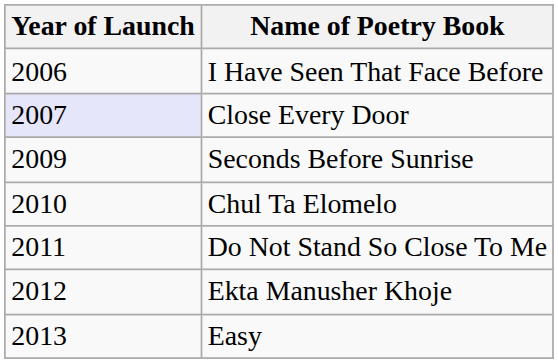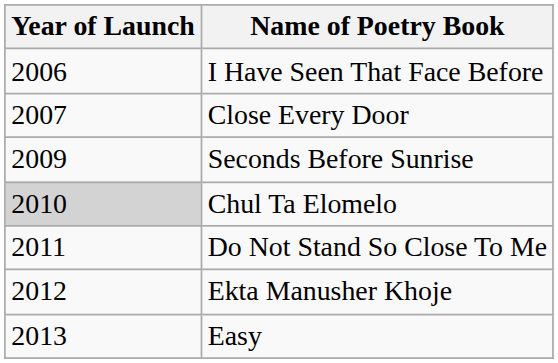 <table class="wikitable">
 <tr>
 <th>Year of Launch</th>
 <th>Name of Poetry Book</th>
 </tr>
 <tr>
 <td>2006</td>
 <td>I Have Seen That Face Before</td>
 </tr>
 <tr>
-<td style="background: lavender;">2007</td>
+<td>2007</td>
 <td>Close Every Door</td>
 </tr>
 <tr>
 <td>2009</td>
 <td>Seconds Before Sunrise</td>
 </tr>
 <tr>
-<td>2010</td>
+<td style="background: lightgrey;">2010</td>
 <td>Chul Ta Elomelo</td>
 </tr>
 <tr>
 <td>2011</td>
 <td>Do Not Stand So Close To Me</td>
 </tr>
 <tr>
 <td>2012</td>
 <td>Ekta Manusher Khoje</td>
 </tr>
 <tr>
 <td>2013</td>
 <td>Easy</td>
 </tr>
 </table>
